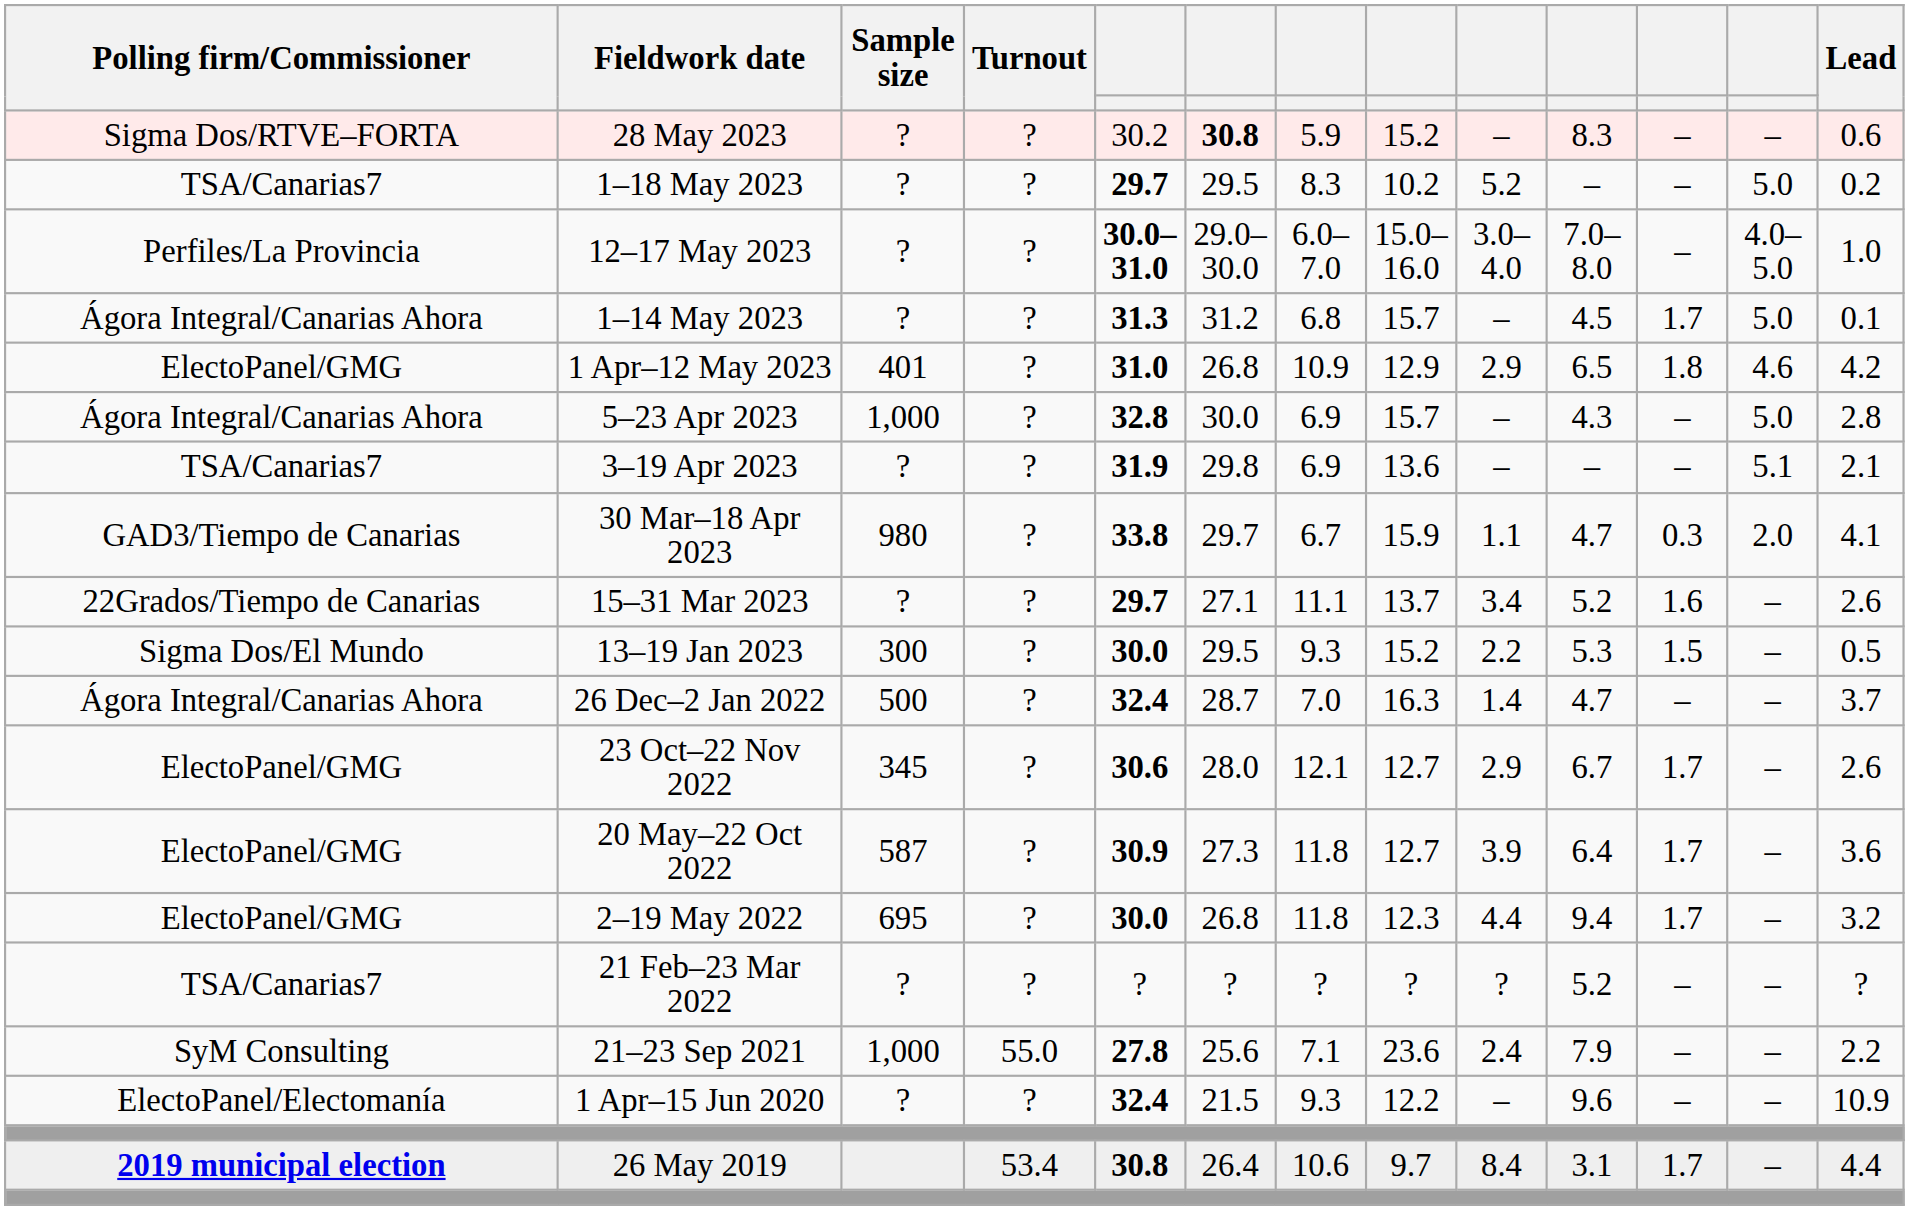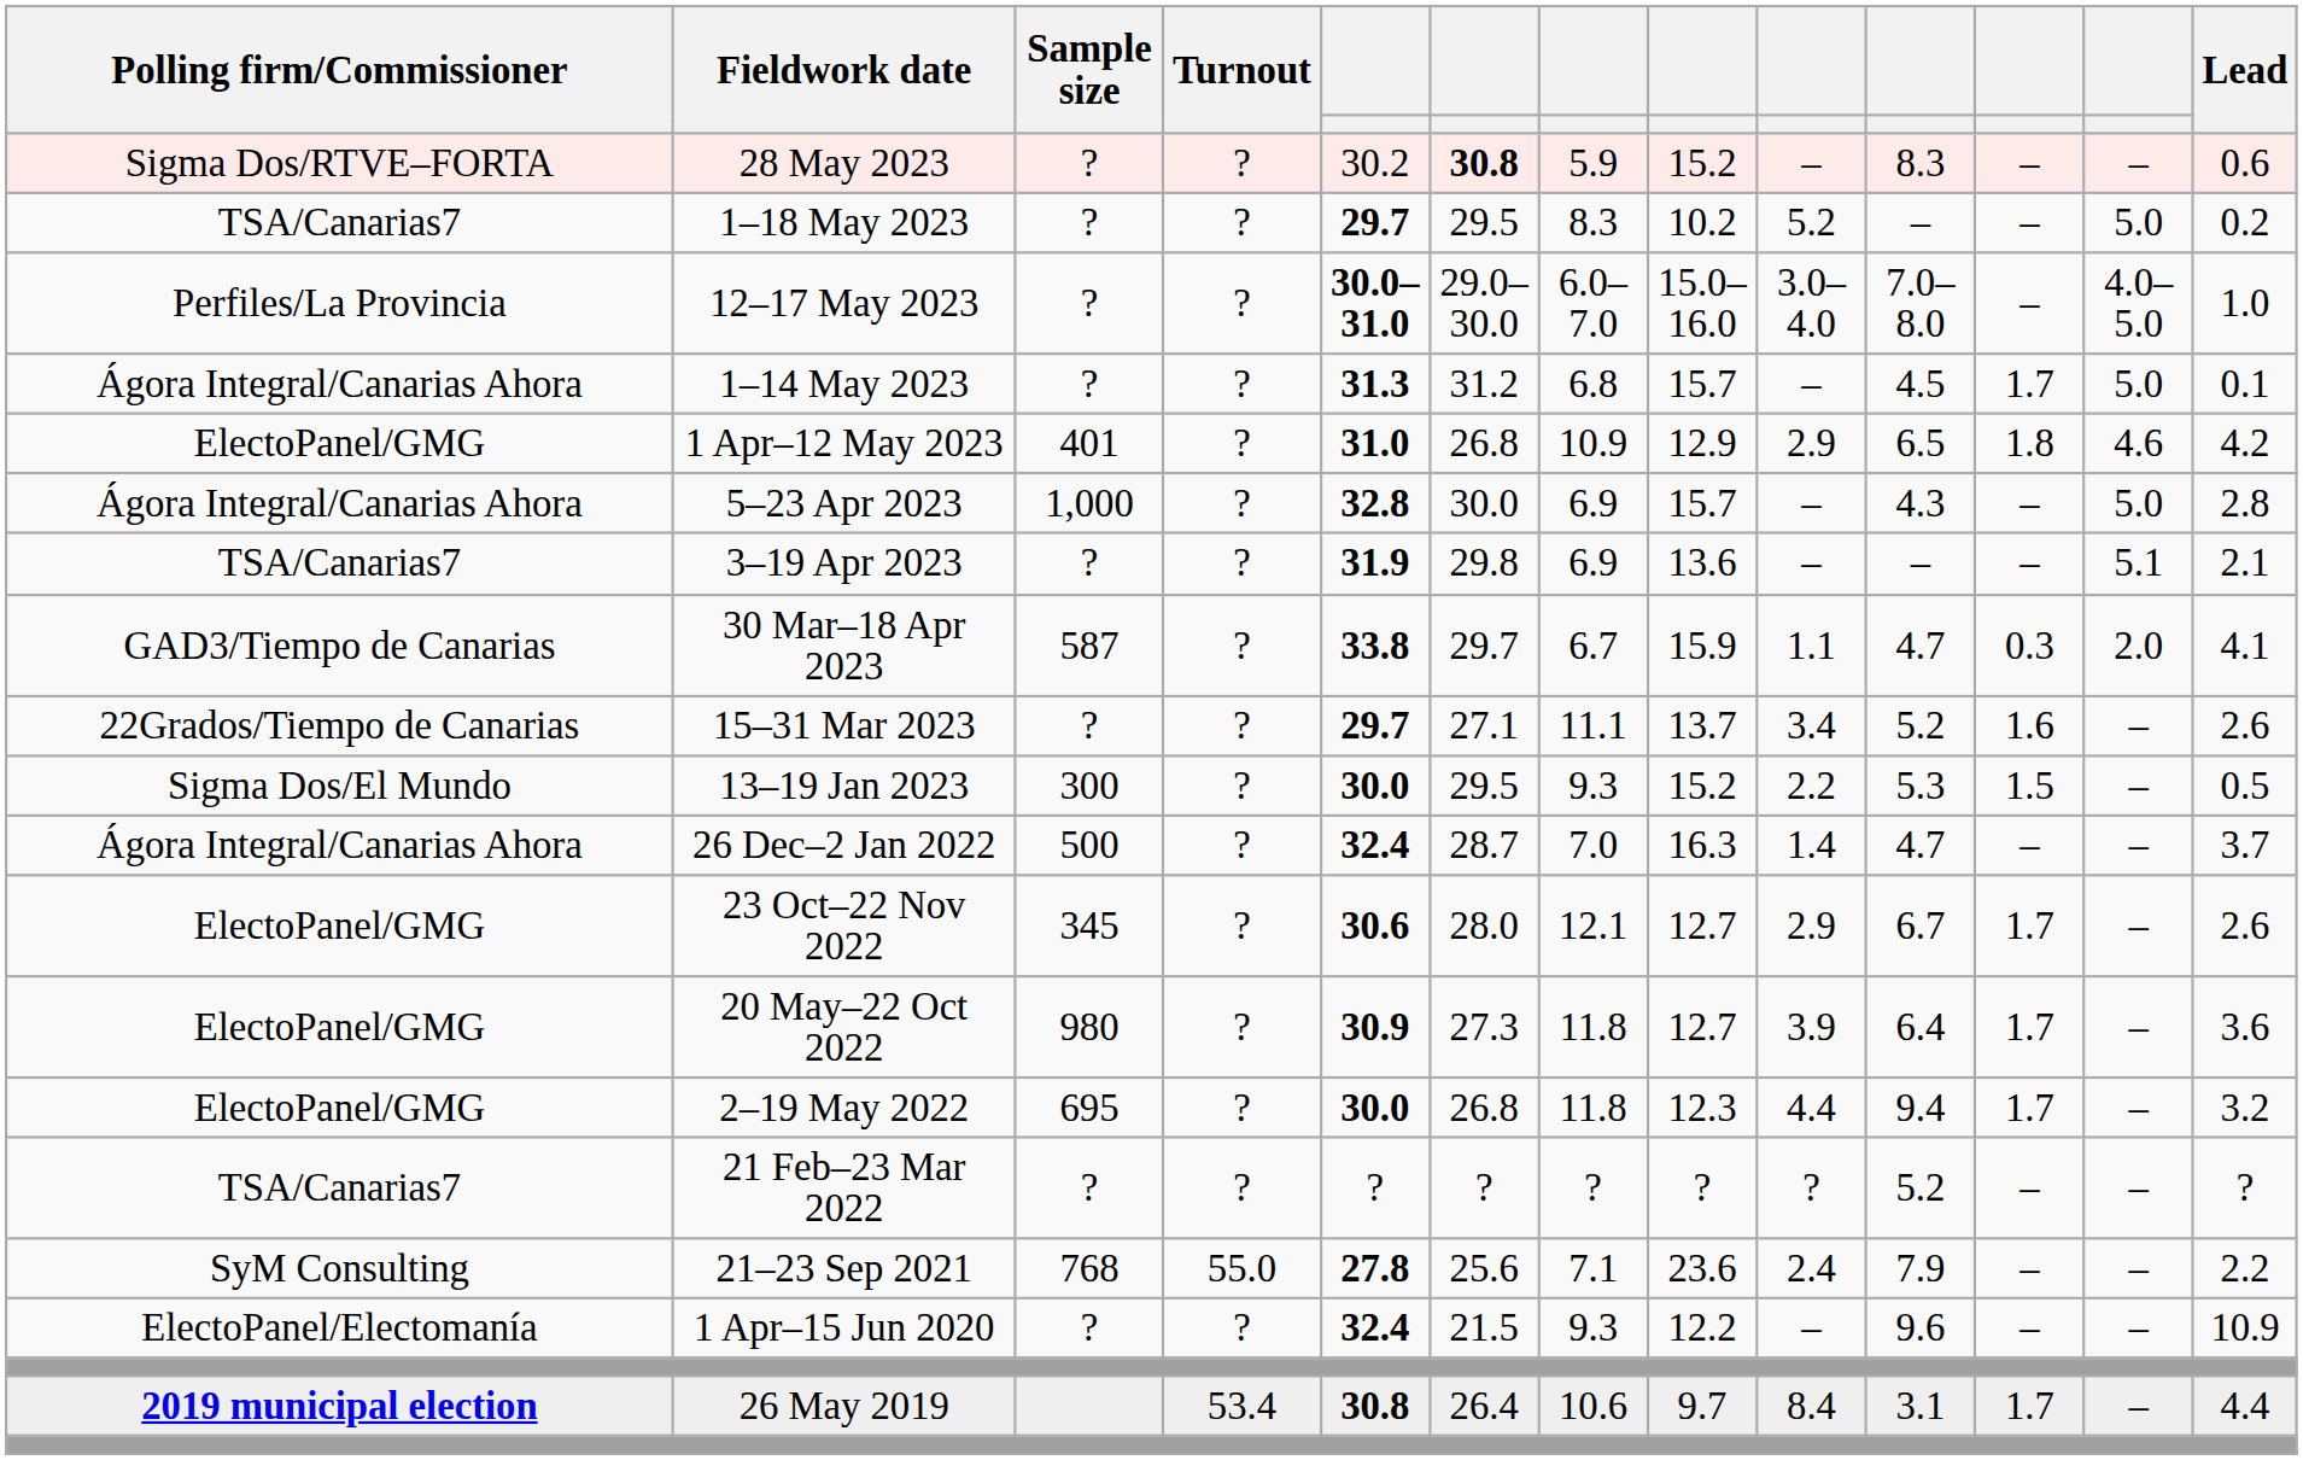 <table class="wikitable collapsible collapsed" style="text-align:center; font-size:95%; line-height:16px;">
 <tr style="height:42px;">
 <th style="width:250px;" rowspan="2">Polling firm/Commissioner</th>
 <th style="width:125px;" rowspan="2">Fieldwork date</th>
 <th style="width:50px;" rowspan="2">Sample size</th>
 <th style="width:45px;" rowspan="2">Turnout</th>
 <th style="width:35px;"></th>
 <th style="width:35px;"></th>
 <th style="width:35px;"></th>
 <th style="width:35px;"></th>
 <th style="width:35px;"></th>
 <th style="width:35px;"></th>
 <th style="width:35px;"></th>
 <th style="width:35px;"></th>
 <th style="width:30px;" rowspan="2">Lead</th>
 </tr>
 <tr>
 <th style="color:inherit;background:"></th>
 <th style="color:inherit;background:"></th>
 <th style="color:inherit;background:"></th>
 <th style="color:inherit;background:"></th>
 <th style="color:inherit;background:"></th>
 <th style="color:inherit;background:"></th>
 <th style="color:inherit;background:"></th>
 <th style="color:inherit;background:"></th>
 </tr>
 <tr style="background:#FFEAEA;">
 <td>Sigma Dos/RTVE–FORTA</td>
 <td>28 May 2023</td>
 <td>?</td>
 <td>?</td>
 <td>30.2<br></td>
 <td><strong>30.8</strong><br></td>
 <td>5.9<br></td>
 <td>15.2<br></td>
 <td>–</td>
 <td>8.3<br></td>
 <td>–</td>
 <td>–</td>
 <td style="background:">0.6</td>
 </tr>
 <tr>
 <td>TSA/Canarias7</td>
 <td>1–18 May 2023</td>
 <td>?</td>
 <td>?</td>
 <td><strong>29.7</strong><br></td>
 <td>29.5<br></td>
 <td>8.3<br></td>
 <td>10.2<br></td>
 <td>5.2<br></td>
 <td>–</td>
 <td>–</td>
 <td>5.0<br></td>
 <td style="background:">0.2</td>
 </tr>
 <tr>
 <td>Perfiles/La Provincia</td>
 <td>12–17 May 2023</td>
 <td>?</td>
 <td>?</td>
 <td><strong>30.0–<br>31.0</strong><br></td>
 <td>29.0–<br>30.0<br></td>
 <td>6.0–<br>7.0<br></td>
 <td>15.0–<br>16.0<br></td>
 <td>3.0–<br>4.0<br></td>
 <td>7.0–<br>8.0<br></td>
 <td>–</td>
 <td>4.0–<br>5.0<br></td>
 <td style="background:">1.0</td>
 </tr>
 <tr>
 <td>Ágora Integral/Canarias Ahora</td>
 <td>1–14 May 2023</td>
 <td>?</td>
 <td>?</td>
 <td><strong>31.3</strong><br></td>
 <td>31.2<br></td>
 <td>6.8<br></td>
 <td>15.7<br></td>
 <td>–</td>
 <td>4.5<br></td>
 <td>1.7<br></td>
 <td>5.0<br></td>
 <td style="background:">0.1</td>
 </tr>
 <tr>
 <td>ElectoPanel/GMG</td>
 <td>1 Apr–12 May 2023</td>
 <td>401</td>
 <td>?</td>
 <td><strong>31.0</strong><br></td>
 <td>26.8<br></td>
 <td>10.9<br></td>
 <td>12.9<br></td>
 <td>2.9<br></td>
 <td>6.5<br></td>
 <td>1.8<br></td>
 <td>4.6<br></td>
 <td style="background:">4.2</td>
 </tr>
 <tr>
 <td>Ágora Integral/Canarias Ahora</td>
 <td>5–23 Apr 2023</td>
 <td>1,000</td>
 <td>?</td>
 <td><strong>32.8</strong><br></td>
 <td>30.0<br></td>
 <td>6.9<br></td>
 <td>15.7<br></td>
 <td>–</td>
 <td>4.3<br></td>
 <td>–</td>
 <td>5.0<br></td>
 <td style="background:">2.8</td>
 </tr>
 <tr>
 <td>TSA/Canarias7</td>
 <td>3–19 Apr 2023</td>
 <td>?</td>
 <td>?</td>
 <td><strong>31.9</strong><br></td>
 <td>29.8<br></td>
 <td>6.9<br></td>
 <td>13.6<br></td>
 <td>–</td>
 <td>–</td>
 <td>–</td>
 <td>5.1<br></td>
 <td style="background:">2.1</td>
 </tr>
 <tr>
 <td>GAD3/Tiempo de Canarias</td>
 <td>30 Mar–18 Apr 2023</td>
-<td>980</td>
+<td>587</td>
 <td>?</td>
 <td><strong>33.8</strong><br></td>
 <td>29.7<br></td>
 <td>6.7<br></td>
 <td>15.9<br></td>
 <td>1.1<br></td>
 <td>4.7<br></td>
 <td>0.3<br></td>
 <td>2.0<br></td>
 <td style="background:">4.1</td>
 </tr>
 <tr>
 <td>22Grados/Tiempo de Canarias</td>
 <td>15–31 Mar 2023</td>
 <td>?</td>
 <td>?</td>
 <td><strong>29.7</strong><br></td>
 <td>27.1<br></td>
 <td>11.1<br></td>
 <td>13.7<br></td>
 <td>3.4<br></td>
 <td>5.2<br></td>
 <td>1.6<br></td>
 <td>–</td>
 <td style="background:">2.6</td>
 </tr>
 <tr>
 <td>Sigma Dos/El Mundo</td>
 <td>13–19 Jan 2023</td>
 <td>300</td>
 <td>?</td>
 <td><strong>30.0</strong><br></td>
 <td>29.5<br></td>
 <td>9.3<br></td>
 <td>15.2<br></td>
 <td>2.2<br></td>
 <td>5.3<br></td>
 <td>1.5<br></td>
 <td>–</td>
 <td style="background:">0.5</td>
 </tr>
 <tr>
 <td>Ágora Integral/Canarias Ahora</td>
 <td>26 Dec–2 Jan 2022</td>
 <td>500</td>
 <td>?</td>
 <td><strong>32.4</strong><br></td>
 <td>28.7<br></td>
 <td>7.0<br></td>
 <td>16.3<br></td>
 <td>1.4<br></td>
 <td>4.7<br></td>
 <td>–</td>
 <td>–</td>
 <td style="background:">3.7</td>
 </tr>
 <tr>
 <td>ElectoPanel/GMG</td>
 <td>23 Oct–22 Nov 2022</td>
 <td>345</td>
 <td>?</td>
 <td><strong>30.6</strong><br></td>
 <td>28.0<br></td>
 <td>12.1<br></td>
 <td>12.7<br></td>
 <td>2.9<br></td>
 <td>6.7<br></td>
 <td>1.7<br></td>
 <td>–</td>
 <td style="background:">2.6</td>
 </tr>
 <tr>
 <td>ElectoPanel/GMG</td>
 <td>20 May–22 Oct 2022</td>
-<td>587</td>
+<td>980</td>
 <td>?</td>
 <td><strong>30.9</strong><br></td>
 <td>27.3<br></td>
 <td>11.8<br></td>
 <td>12.7<br></td>
 <td>3.9<br></td>
 <td>6.4<br></td>
 <td>1.7<br></td>
 <td>–</td>
 <td style="background:">3.6</td>
 </tr>
 <tr>
 <td>ElectoPanel/GMG</td>
 <td>2–19 May 2022</td>
 <td>695</td>
 <td>?</td>
 <td><strong>30.0</strong><br></td>
 <td>26.8<br></td>
 <td>11.8<br></td>
 <td>12.3<br></td>
 <td>4.4<br></td>
 <td>9.4<br></td>
 <td>1.7<br></td>
 <td>–</td>
 <td style="background:">3.2</td>
 </tr>
 <tr>
 <td>TSA/Canarias7</td>
 <td>21 Feb–23 Mar 2022</td>
 <td>?</td>
 <td>?</td>
 <td>?<br></td>
 <td>?<br></td>
 <td>?<br></td>
 <td>?<br></td>
 <td>?<br></td>
 <td>5.2<br></td>
 <td>–</td>
 <td>–</td>
 <td style="background:">?</td>
 </tr>
 <tr>
 <td>SyM Consulting</td>
 <td>21–23 Sep 2021</td>
-<td>1,000</td>
+<td>768</td>
 <td>55.0</td>
 <td><strong>27.8</strong><br></td>
 <td>25.6<br></td>
 <td>7.1<br></td>
 <td>23.6<br></td>
 <td>2.4<br></td>
 <td>7.9<br></td>
 <td>–</td>
 <td>–</td>
 <td style="background:">2.2</td>
 </tr>
 <tr>
 <td>ElectoPanel/Electomanía</td>
 <td>1 Apr–15 Jun 2020</td>
 <td>?</td>
 <td>?</td>
 <td><strong>32.4</strong><br></td>
 <td>21.5<br></td>
 <td>9.3<br></td>
 <td>12.2<br></td>
 <td>–</td>
 <td>9.6<br></td>
 <td>–</td>
 <td>–</td>
 <td style="background:">10.9</td>
 </tr>
 <tr>
 <td colspan="13" style="background:#A0A0A0"></td>
 </tr>
 <tr style="background:#EFEFEF;">
 <td><strong><a href='#'>2019 municipal election</a></strong></td>
 <td>26 May 2019</td>
 <td></td>
 <td>53.4</td>
 <td><strong>30.8</strong><br></td>
 <td>26.4<br></td>
 <td>10.6<br></td>
 <td>9.7<br></td>
 <td>8.4<br></td>
 <td>3.1<br></td>
 <td>1.7<br></td>
 <td>–</td>
 <td style="background:">4.4</td>
 </tr>
 <tr>
 <td colspan="13" style="background:#A0A0A0"></td>
 </tr>
 </table>
